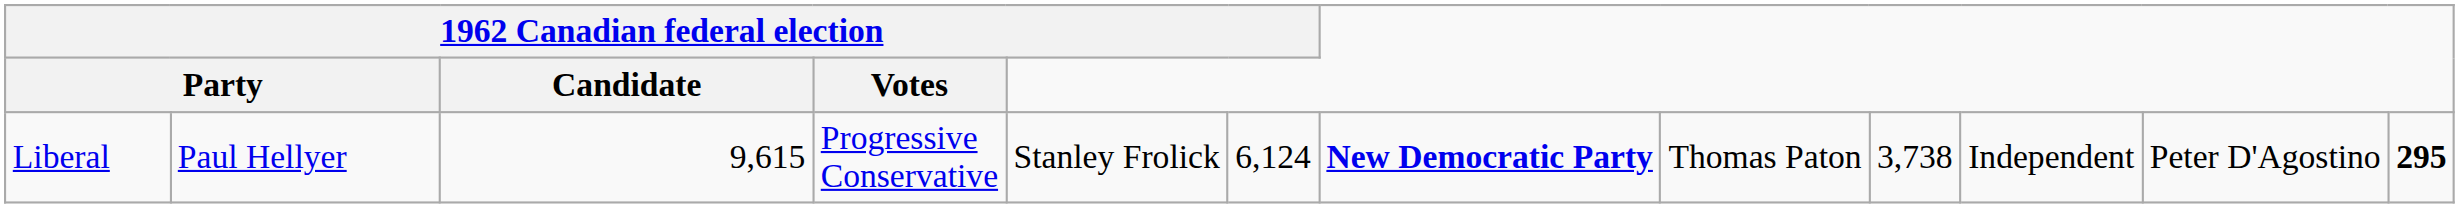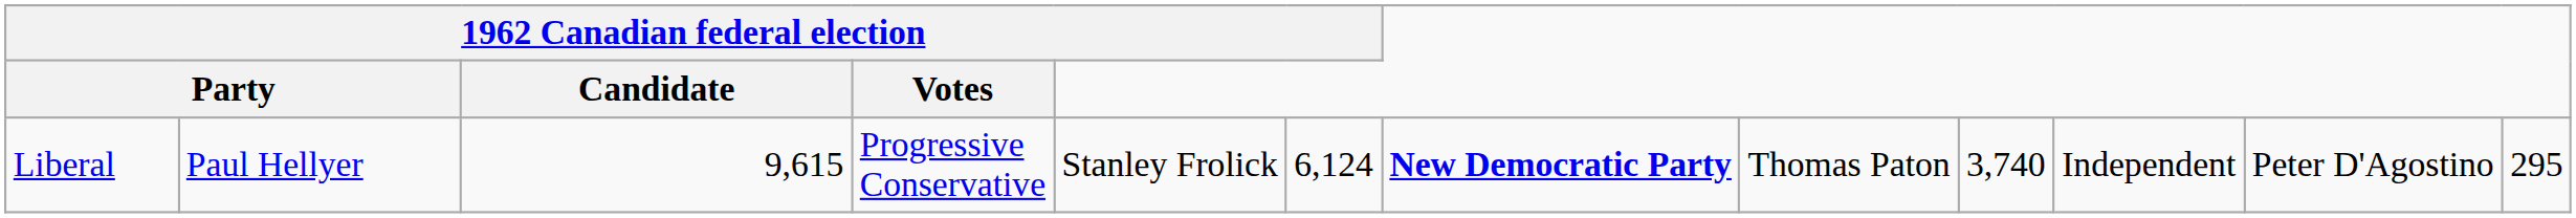 <table class="wikitable">
 <tr style="background:#e9e9e9;">
 <th colspan="6"><a href='#'>1962 Canadian federal election</a></th>
 </tr>
 <tr style="background:#e9e9e9;">
 <th colspan="2" style="width: 200px">Party</th>
 <th style="width: 170px">Candidate</th>
 <th style="width: 40px">Votes</th>
 </tr>
 <tr>
 <td><a href='#'>Liberal</a></td>
 <td><a href='#'>Paul Hellyer</a></td>
 <td align="right">9,615<br></td>
 <td><a href='#'>Progressive Conservative</a></td>
 <td>Stanley Frolick</td>
 <td align="right">6,124<br></td>
 <td><strong><a href='#'>New Democratic Party</a></strong></td>
 <td>Thomas Paton</td>
-<td align="right">3,738<br> </td>
+<td align="right">3,740<br> </td>
 <td>Independent</td>
 <td>Peter D'Agostino</td>
-<td align="right"><strong>295<br></strong></td>
+<td align="right">295<br></td>
 </tr>
 </table>
